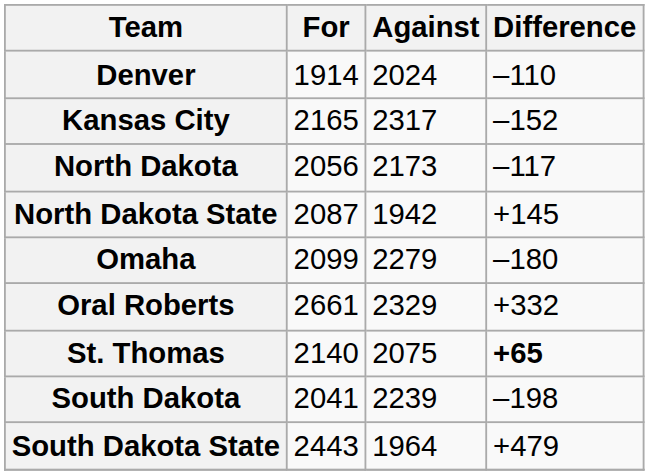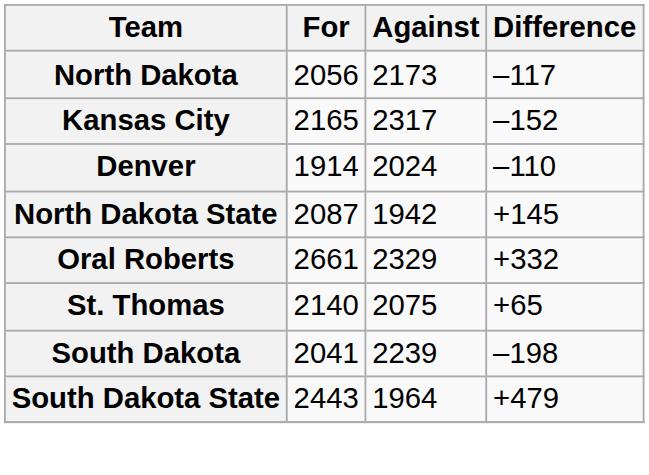 <table class="wikitable sortable">
 <tr>
 <th scope="col">Team</th>
 <th scope="col">For</th>
 <th scope="col">Against</th>
 <th scope="col">Difference</th>
 </tr>
 <tr>
-<th>Denver</th>
-<td>1914</td>
-<td>2024</td>
-<td>–110</td>
+<th>North Dakota</th>
+<td>2056</td>
+<td>2173</td>
+<td>–117</td>
 </tr>
 <tr>
 <th>Kansas City</th>
 <td>2165</td>
 <td>2317</td>
 <td>–152</td>
 </tr>
 <tr>
-<th>North Dakota</th>
-<td>2056</td>
-<td>2173</td>
-<td>–117</td>
+<th>Denver</th>
+<td>1914</td>
+<td>2024</td>
+<td>–110</td>
 </tr>
 <tr>
 <th>North Dakota State</th>
 <td>2087</td>
 <td>1942</td>
 <td>+145</td>
-</tr>
-<tr>
-<th>Omaha</th>
-<td>2099</td>
-<td>2279</td>
-<td>–180</td>
 </tr>
 <tr>
 <th>Oral Roberts</th>
 <td>2661</td>
 <td>2329</td>
 <td>+332</td>
 </tr>
 <tr>
 <th>St. Thomas</th>
 <td>2140</td>
 <td>2075</td>
-<td><strong>+65</strong></td>
+<td>+65</td>
 </tr>
 <tr>
 <th>South Dakota</th>
 <td>2041</td>
 <td>2239</td>
 <td>–198</td>
 </tr>
 <tr>
 <th>South Dakota State</th>
 <td>2443</td>
 <td>1964</td>
 <td>+479</td>
 </tr>
 <tr>
 </tr>
 </table>
